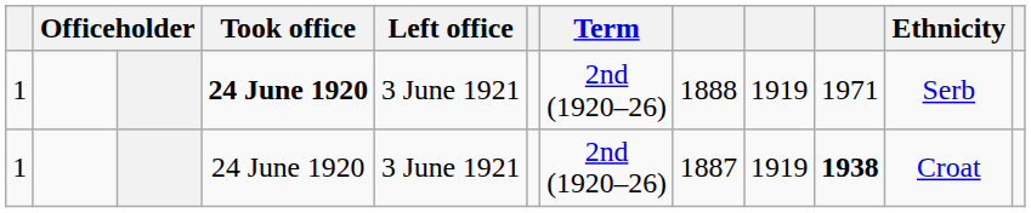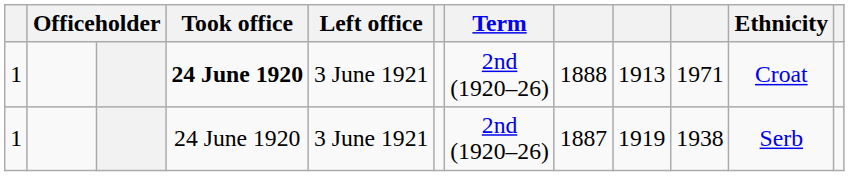 <table class="wikitable sortable" style=text-align:center>
 <tr>
 <th scope=col></th>
 <th scope=col colspan="2">Officeholder</th>
 <th scope=col class="unsortable">Took office</th>
 <th scope=col class="unsortable">Left office</th>
 <th scope=col></th>
 <th scope=col><a href='#'>Term</a></th>
 <th scope=col></th>
 <th scope=col></th>
 <th scope=col></th>
 <th scope=col>Ethnicity</th>
 <th scope=col class="unsortable"></th>
 </tr>
 <tr>
 <td>1</td>
 <td></td>
 <th align="center" scope="row" style="font-weight:normal;"></th>
 <td><strong>24 June 1920</strong></td>
 <td>3 June 1921</td>
 <td></td>
 <td><a href='#'>2nd</a><br>(1920–26)</td>
 <td>1888</td>
-<td>1919</td>
+<td>1913</td>
 <td>1971</td>
-<td><a href='#'>Serb</a></td>
+<td><a href='#'>Croat</a></td>
 <td></td>
 </tr>
 <tr>
 <td>1</td>
 <td></td>
 <th align="center" scope="row" style="font-weight:normal;"></th>
 <td>24 June 1920</td>
 <td>3 June 1921</td>
 <td></td>
 <td><a href='#'>2nd</a><br>(1920–26)</td>
 <td>1887</td>
 <td>1919</td>
-<td><strong>1938</strong></td>
-<td><a href='#'>Croat</a></td>
+<td>1938</td>
+<td><a href='#'>Serb</a></td>
 <td></td>
 </tr>
 </table>
